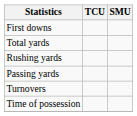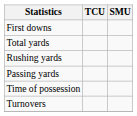 <table class="wikitable" style="float: left;">
 <tr>
 <th>Statistics</th>
 <th>TCU</th>
 <th>SMU</th>
 </tr>
 <tr>
 <td>First downs</td>
 <td></td>
 <td></td>
 </tr>
 <tr>
 <td>Total yards</td>
 <td></td>
 <td></td>
 </tr>
 <tr>
 <td>Rushing yards</td>
 <td></td>
 <td></td>
 </tr>
 <tr>
 <td>Passing yards</td>
 <td></td>
 <td></td>
 </tr>
 <tr>
-<td>Turnovers</td>
+<td>Time of possession</td>
 <td></td>
 <td></td>
 </tr>
 <tr>
-<td>Time of possession</td>
+<td>Turnovers</td>
 <td></td>
 <td></td>
 </tr>
 <tr>
 </tr>
 </table>
